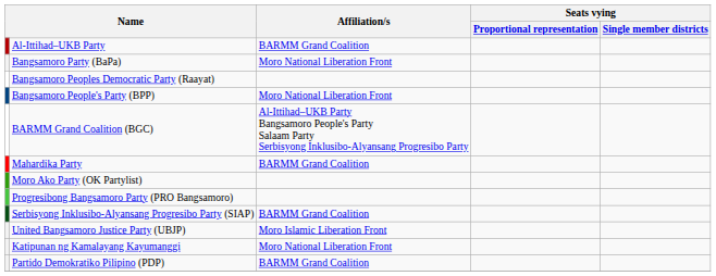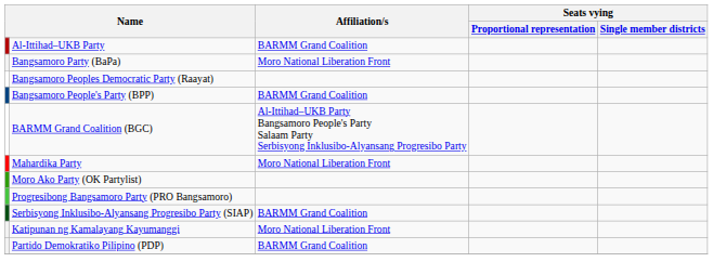 <table class="wikitable sortable">
 <tr>
 <th rowspan=2 colspan="2" class="unsortable" scope="col" style="width:20px; text-align:center;">Name</th>
 <th rowspan=2>Affiliation/s</th>
 <th colspan=2>Seats vying</th>
 </tr>
 <tr>
 <th><a href='#'>Proportional representation</a></th>
 <th><a href='#'>Single member districts</a></th>
 </tr>
 <tr>
 <th style="background:#B50003;"></th>
 <td><a href='#'>Al-Ittihad–UKB Party</a></td>
 <td><a href='#'>BARMM Grand Coalition</a></td>
 <td></td>
 <td></td>
 </tr>
 <tr>
 <th style="background:"></th>
 <td><a href='#'>Bangsamoro Party</a> (BaPa)</td>
 <td><a href='#'>Moro National Liberation Front</a></td>
 <td></td>
 <td></td>
 </tr>
 <tr>
 <th style="background:#FFFFFF;"></th>
 <td><a href='#'>Bangsamoro Peoples Democratic Party</a> (Raayat)</td>
 <td></td>
 <td></td>
 <td></td>
 </tr>
 <tr>
 <th style="background:#024481;"></th>
 <td><a href='#'>Bangsamoro People's Party</a> (BPP)</td>
-<td><a href='#'>Moro National Liberation Front</a></td>
+<td><a href='#'>BARMM Grand Coalition</a></td>
 <td></td>
 <td></td>
 </tr>
 <tr>
 <th style="background:#FFFFFF;"></th>
 <td><a href='#'>BARMM Grand Coalition</a> (BGC)</td>
 <td><a href='#'>Al-Ittihad–UKB Party</a><br>Bangsamoro People's Party<br>Salaam Party<br><a href='#'>Serbisyong Inklusibo-Alyansang Progresibo Party</a></td>
 <td></td>
 <td></td>
 </tr>
 <tr>
 <th style="background:red;"></th>
 <td><a href='#'>Mahardika Party</a></td>
-<td><a href='#'>BARMM Grand Coalition</a></td>
+<td><a href='#'>Moro National Liberation Front</a></td>
 <td></td>
 <td></td>
 </tr>
 <tr>
 <th style="background:#2F9E0B;"></th>
 <td><a href='#'>Moro Ako Party</a> (OK Partylist)</td>
 <td></td>
 <td></td>
 <td></td>
 </tr>
 <tr>
 <th style="background:#46C63F;"></th>
 <td><a href='#'>Progresibong Bangsamoro Party</a> (PRO Bangsamoro)</td>
 <td></td>
 <td></td>
 <td></td>
 </tr>
 <tr>
 <th style="background:#064E13;"></th>
 <td><a href='#'>Serbisyong Inklusibo-Alyansang Progresibo Party</a> (SIAP)</td>
 <td><a href='#'>BARMM Grand Coalition</a></td>
 <td></td>
 <td></td>
 </tr>
 <tr>
 <th style="background:"></th>
-<td><a href='#'>United Bangsamoro Justice Party</a> (UBJP)</td>
-<td><a href='#'>Moro Islamic Liberation Front</a></td>
-<td></td>
-<td></td>
-</tr>
-<tr>
-<th style="background:"></th>
 <td><a href='#'>Katipunan ng Kamalayang Kayumanggi</a></td>
 <td><a href='#'>Moro National Liberation Front</a></td>
 <td></td>
 <td></td>
 </tr>
 <tr>
 <th style="background:"></th>
 <td><a href='#'>Partido Demokratiko Pilipino</a> (PDP)</td>
 <td><a href='#'>BARMM Grand Coalition</a></td>
 <td></td>
 <td></td>
 </tr>
 <tr>
 </tr>
 </table>
